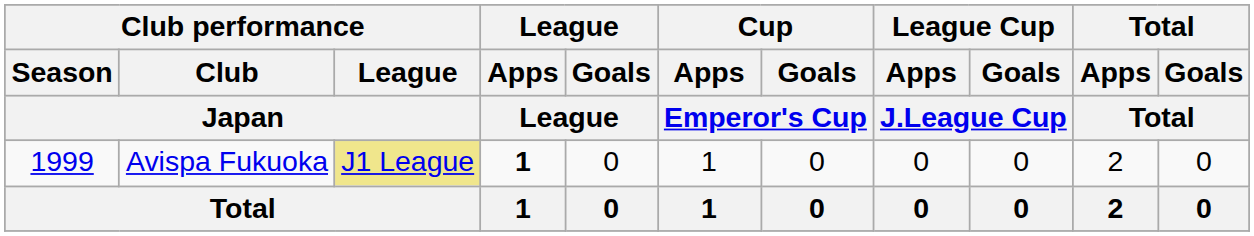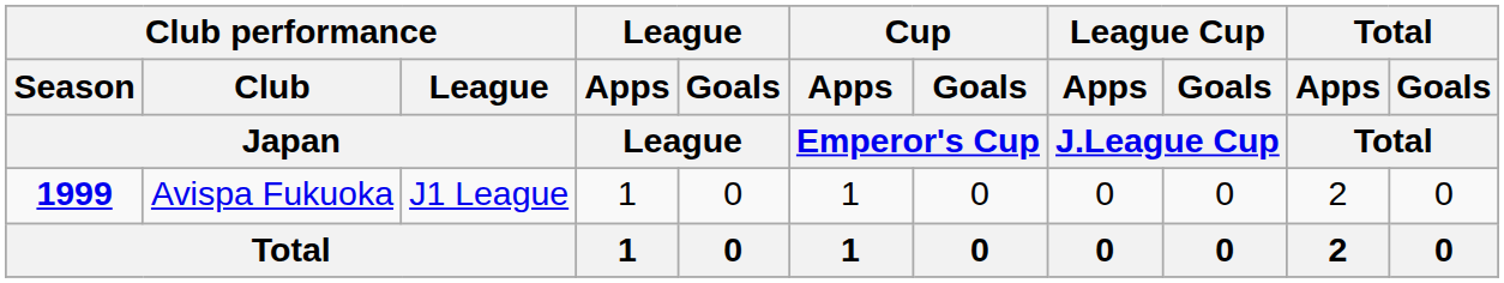 <table class="wikitable" style="text-align:center;">
 <tr>
 <th colspan=3>Club performance</th>
 <th colspan=2>League</th>
 <th colspan=2>Cup</th>
 <th colspan=2>League Cup</th>
 <th colspan=2>Total</th>
 </tr>
 <tr>
 <th>Season</th>
 <th>Club</th>
 <th>League</th>
 <th>Apps</th>
 <th>Goals</th>
 <th>Apps</th>
 <th>Goals</th>
 <th>Apps</th>
 <th>Goals</th>
 <th>Apps</th>
 <th>Goals</th>
 </tr>
 <tr>
 <th colspan=3>Japan</th>
 <th colspan=2>League</th>
 <th colspan=2><a href='#'>Emperor's Cup</a></th>
 <th colspan=2><a href='#'>J.League Cup</a></th>
 <th colspan=2>Total</th>
 </tr>
 <tr>
-<td><a href='#'>1999</a></td>
+<td><strong><a href='#'>1999</a></strong></td>
 <td><a href='#'>Avispa Fukuoka</a></td>
-<td style="background: khaki;"><a href='#'>J1 League</a></td>
-<td><strong>1</strong></td>
+<td><a href='#'>J1 League</a></td>
+<td>1</td>
 <td>0</td>
 <td>1</td>
 <td>0</td>
 <td>0</td>
 <td>0</td>
 <td>2</td>
 <td>0</td>
 </tr>
 <tr>
 <th colspan=3>Total</th>
 <th>1</th>
 <th>0</th>
 <th>1</th>
 <th>0</th>
 <th>0</th>
 <th>0</th>
 <th>2</th>
 <th>0</th>
 </tr>
 </table>
